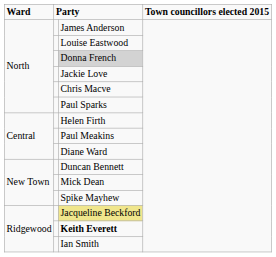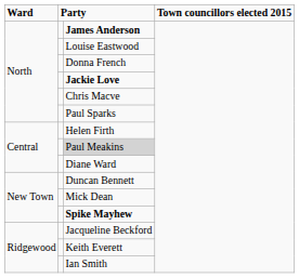 <table class="wikitable">
 <tr>
 <td><strong>Ward</strong></td>
 <td colspan=2><strong>Party</strong></td>
 <td><strong>Town councillors elected 2015</strong></td>
 </tr>
 <tr>
 <td rowspan="6">North</td>
 <td></td>
-<td>James Anderson</td>
+<td><strong>James Anderson</strong></td>
 </tr>
 <tr>
 <td></td>
 <td>Louise Eastwood</td>
 </tr>
 <tr>
 <td></td>
-<td style="background: lightgrey;">Donna French</td>
+<td>Donna French</td>
 </tr>
 <tr>
 <td></td>
-<td>Jackie Love</td>
+<td><strong>Jackie Love</strong></td>
 </tr>
 <tr>
 <td></td>
 <td>Chris Macve</td>
 </tr>
 <tr>
 <td></td>
 <td>Paul Sparks</td>
 </tr>
 <tr>
 <td rowspan="3">Central</td>
 <td></td>
 <td>Helen Firth</td>
 </tr>
 <tr>
 <td></td>
-<td>Paul Meakins</td>
+<td style="background: lightgrey;">Paul Meakins</td>
 </tr>
 <tr>
 <td></td>
 <td>Diane Ward</td>
 </tr>
 <tr>
 <td rowspan="3">New Town</td>
 <td></td>
 <td>Duncan Bennett</td>
 </tr>
 <tr>
 <td></td>
 <td>Mick Dean</td>
 </tr>
 <tr>
 <td></td>
-<td>Spike Mayhew</td>
+<td><strong>Spike Mayhew</strong></td>
 </tr>
 <tr>
 <td rowspan="3">Ridgewood</td>
 <td></td>
-<td style="background: khaki;">Jacqueline Beckford</td>
+<td>Jacqueline Beckford</td>
 </tr>
 <tr>
 <td></td>
-<td><strong>Keith Everett</strong></td>
+<td>Keith Everett</td>
 </tr>
 <tr>
 <td></td>
 <td>Ian Smith</td>
 </tr>
 </table>
